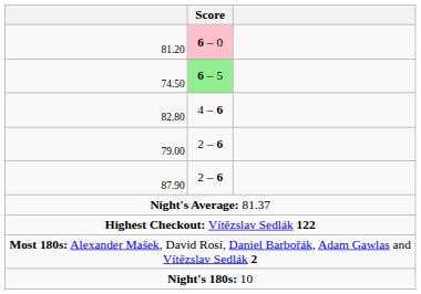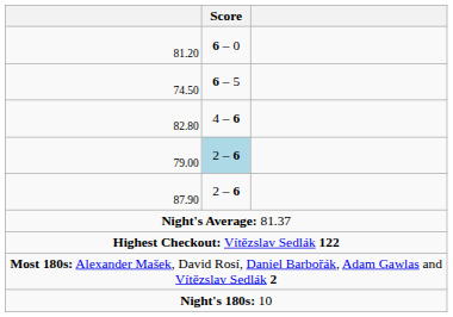 <table class="wikitable" style="text-align:center">
 <tr>
 <th style="width:225px;"></th>
 <th style="width:50px;">Score</th>
 <th style="width:225px;"></th>
 </tr>
 <tr style="text-align:left;">
 <td align=right> <br> <small><span>81.20</span></small></td>
-<td align=center style="background: pink;"><strong>6</strong> – 0</td>
+<td align=center><strong>6</strong> – 0</td>
 <td></td>
 </tr>
 <tr style="text-align:left;">
 <td align=right> <br> <small><span>74.50</span></small></td>
-<td align=center style="background: lightgreen;"><strong>6</strong> – 5</td>
+<td align=center><strong>6</strong> – 5</td>
 <td></td>
 </tr>
 <tr style="text-align:left;">
 <td align=right> <br> <small><span>82.80</span></small></td>
 <td align=center>4 – <strong>6</strong></td>
 <td></td>
 </tr>
 <tr style="text-align:left;">
 <td align=right> <br> <small><span>79.00</span></small></td>
-<td align=center>2 – <strong>6</strong></td>
+<td align=center style="background: lightblue;">2 – <strong>6</strong></td>
 <td></td>
 </tr>
 <tr style="text-align:left;">
 <td align=right> <br> <small><span>87.90</span></small></td>
 <td align=center>2 – <strong>6</strong></td>
 <td></td>
 </tr>
 <tr style="text-align:center;">
 <td colspan="3"><strong>Night's Average:</strong> 81.37</td>
 </tr>
 <tr style="text-align:center;">
 <td colspan="3"><strong>Highest Checkout:</strong>  <a href='#'>Vítězslav Sedlák</a> <strong>122</strong></td>
 </tr>
 <tr style="text-align:center;">
 <td colspan="3"><strong>Most 180s:</strong>   <a href='#'>Alexander Mašek</a>, David Rosí, <a href='#'>Daniel Barbořák</a>, <a href='#'>Adam Gawlas</a> and <a href='#'>Vítězslav Sedlák</a> <strong>2</strong></td>
 </tr>
 <tr style="text-align:center;">
 <td colspan="3"><strong>Night's 180s:</strong> 10</td>
 </tr>
 </table>
